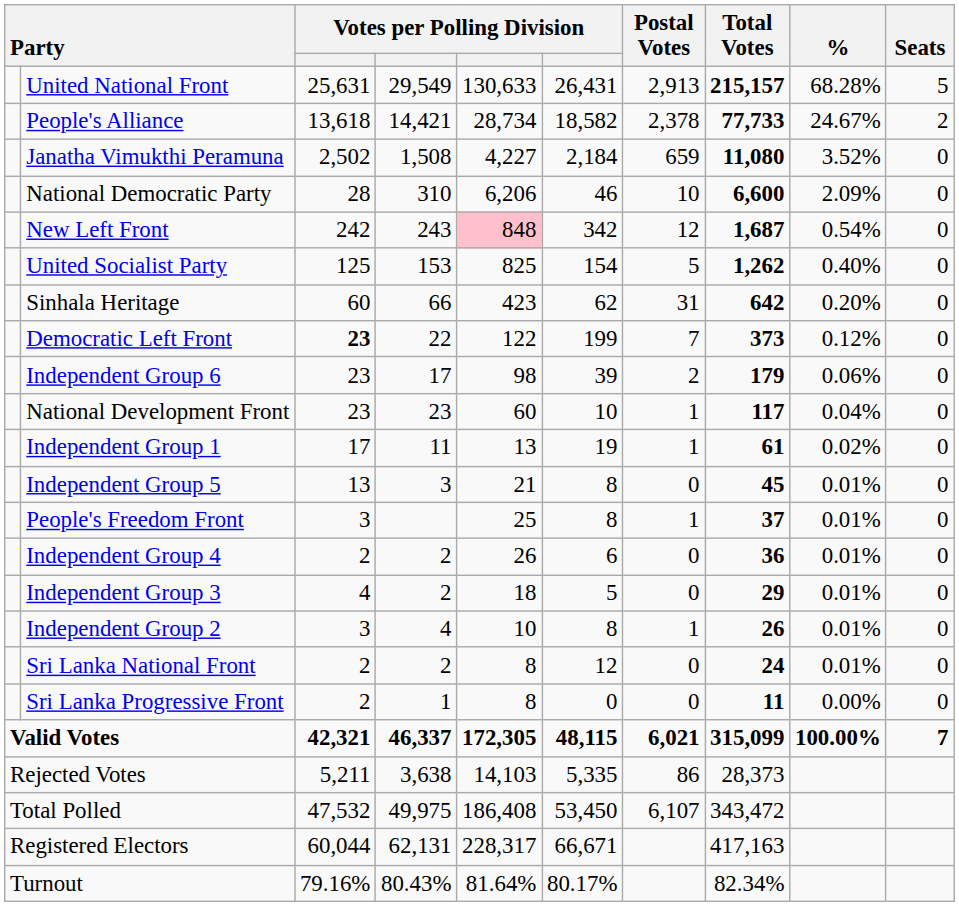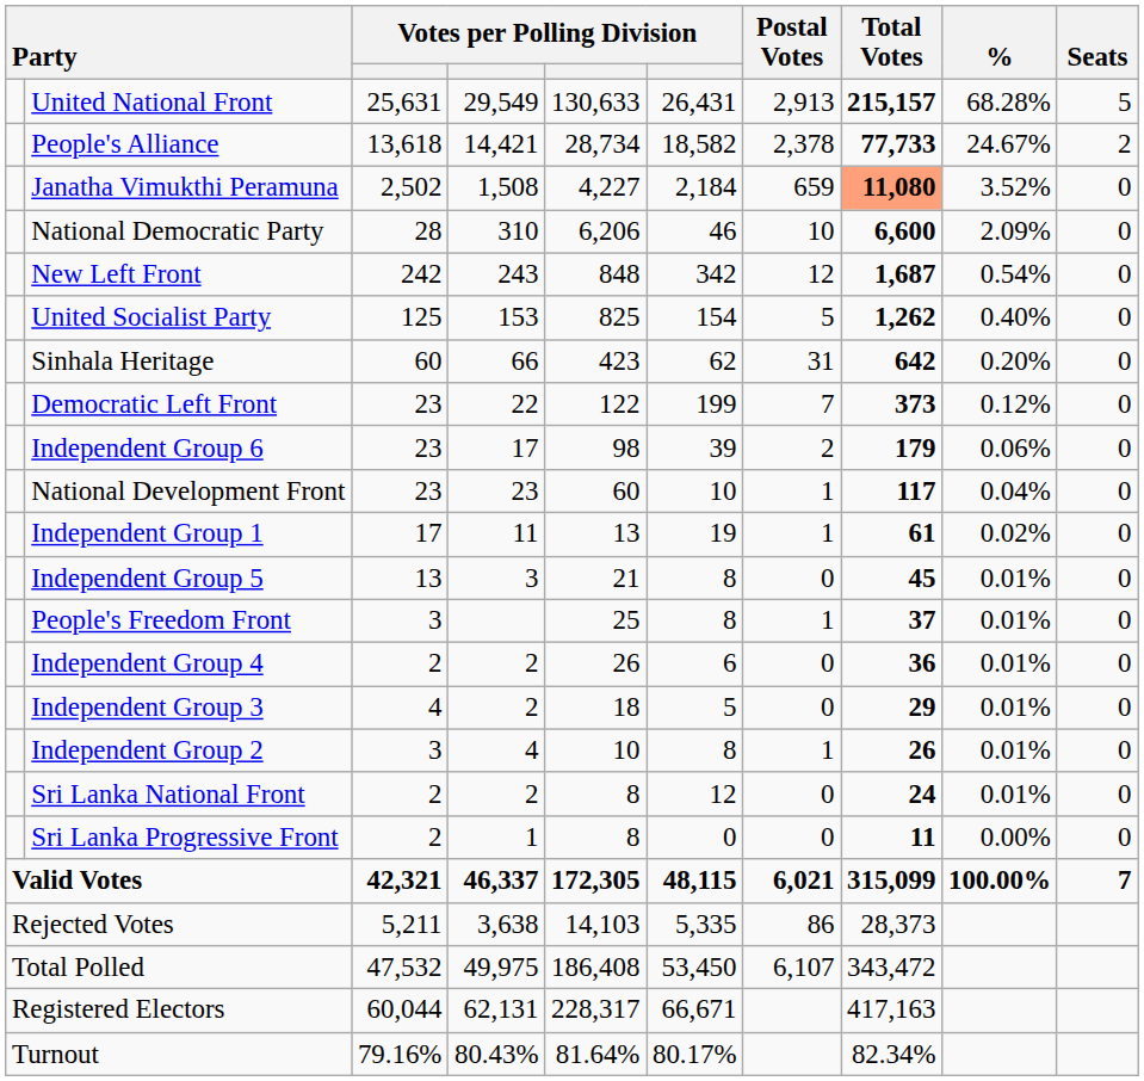 <table class="wikitable" border="1" style="text-align:right;">
 <tr>
 <th style="text-align:left; vertical-align:bottom;" rowspan="2" colspan="2">Party</th>
 <th colspan=4>Votes per Polling Division</th>
 <th rowspan="2" style="vertical-align:bottom; text-align:center; width:50px;">Postal<br>Votes</th>
 <th rowspan="2" style="vertical-align:bottom; text-align:center; width:50px;">Total Votes</th>
 <th rowspan="2" style="vertical-align:bottom; text-align:center; width:50px;">%</th>
 <th rowspan="2" style="vertical-align:bottom; text-align:center; width:40px;">Seats</th>
 </tr>
 <tr>
 <th></th>
 <th></th>
 <th></th>
 <th></th>
 </tr>
 <tr>
 <td bgcolor=> </td>
 <td align=left><a href='#'>United National Front</a></td>
 <td>25,631</td>
 <td>29,549</td>
 <td>130,633</td>
 <td>26,431</td>
 <td>2,913</td>
 <td><strong>215,157</strong></td>
 <td>68.28%</td>
 <td>5</td>
 </tr>
 <tr>
 <td bgcolor=> </td>
 <td align=left><a href='#'>People's Alliance</a></td>
 <td>13,618</td>
 <td>14,421</td>
 <td>28,734</td>
 <td>18,582</td>
 <td>2,378</td>
 <td><strong>77,733</strong></td>
 <td>24.67%</td>
 <td>2</td>
 </tr>
 <tr>
 <td bgcolor=> </td>
 <td align=left><a href='#'>Janatha Vimukthi Peramuna</a></td>
 <td>2,502</td>
 <td>1,508</td>
 <td>4,227</td>
 <td>2,184</td>
 <td>659</td>
-<td><strong>11,080</strong></td>
+<td style="background: lightsalmon;"><strong>11,080</strong></td>
 <td>3.52%</td>
 <td>0</td>
 </tr>
 <tr>
 <td bgcolor=> </td>
 <td align=left>National Democratic Party</td>
 <td>28</td>
 <td>310</td>
 <td>6,206</td>
 <td>46</td>
 <td>10</td>
 <td><strong>6,600</strong></td>
 <td>2.09%</td>
 <td>0</td>
 </tr>
 <tr>
 <td bgcolor=> </td>
 <td align=left><a href='#'>New Left Front</a></td>
 <td>242</td>
 <td>243</td>
-<td style="background: pink;">848</td>
+<td>848</td>
 <td>342</td>
 <td>12</td>
 <td><strong>1,687</strong></td>
 <td>0.54%</td>
 <td>0</td>
 </tr>
 <tr>
 <td bgcolor=> </td>
 <td align=left><a href='#'>United Socialist Party</a></td>
 <td>125</td>
 <td>153</td>
 <td>825</td>
 <td>154</td>
 <td>5</td>
 <td><strong>1,262</strong></td>
 <td>0.40%</td>
 <td>0</td>
 </tr>
 <tr>
 <td bgcolor=> </td>
 <td align=left>Sinhala Heritage</td>
 <td>60</td>
 <td>66</td>
 <td>423</td>
 <td>62</td>
 <td>31</td>
 <td><strong>642</strong></td>
 <td>0.20%</td>
 <td>0</td>
 </tr>
 <tr>
 <td bgcolor=> </td>
 <td align=left><a href='#'>Democratic Left Front</a></td>
-<td><strong>23</strong></td>
+<td>23</td>
 <td>22</td>
 <td>122</td>
 <td>199</td>
 <td>7</td>
 <td><strong>373</strong></td>
 <td>0.12%</td>
 <td>0</td>
 </tr>
 <tr>
 <td bgcolor=> </td>
 <td align=left><a href='#'>Independent Group 6</a></td>
 <td>23</td>
 <td>17</td>
 <td>98</td>
 <td>39</td>
 <td>2</td>
 <td><strong>179</strong></td>
 <td>0.06%</td>
 <td>0</td>
 </tr>
 <tr>
 <td bgcolor=> </td>
 <td align=left>National Development Front</td>
 <td>23</td>
 <td>23</td>
 <td>60</td>
 <td>10</td>
 <td>1</td>
 <td><strong>117</strong></td>
 <td>0.04%</td>
 <td>0</td>
 </tr>
 <tr>
 <td bgcolor=> </td>
 <td align=left><a href='#'>Independent Group 1</a></td>
 <td>17</td>
 <td>11</td>
 <td>13</td>
 <td>19</td>
 <td>1</td>
 <td><strong>61</strong></td>
 <td>0.02%</td>
 <td>0</td>
 </tr>
 <tr>
 <td bgcolor=> </td>
 <td align=left><a href='#'>Independent Group 5</a></td>
 <td>13</td>
 <td>3</td>
 <td>21</td>
 <td>8</td>
 <td>0</td>
 <td><strong>45</strong></td>
 <td>0.01%</td>
 <td>0</td>
 </tr>
 <tr>
 <td bgcolor=> </td>
 <td align=left><a href='#'>People's Freedom Front</a></td>
 <td>3</td>
 <td></td>
 <td>25</td>
 <td>8</td>
 <td>1</td>
 <td><strong>37</strong></td>
 <td>0.01%</td>
 <td>0</td>
 </tr>
 <tr>
 <td bgcolor=> </td>
 <td align=left><a href='#'>Independent Group 4</a></td>
 <td>2</td>
 <td>2</td>
 <td>26</td>
 <td>6</td>
 <td>0</td>
 <td><strong>36</strong></td>
 <td>0.01%</td>
 <td>0</td>
 </tr>
 <tr>
 <td bgcolor=> </td>
 <td align=left><a href='#'>Independent Group 3</a></td>
 <td>4</td>
 <td>2</td>
 <td>18</td>
 <td>5</td>
 <td>0</td>
 <td><strong>29</strong></td>
 <td>0.01%</td>
 <td>0</td>
 </tr>
 <tr>
 <td bgcolor=> </td>
 <td align=left><a href='#'>Independent Group 2</a></td>
 <td>3</td>
 <td>4</td>
 <td>10</td>
 <td>8</td>
 <td>1</td>
 <td><strong>26</strong></td>
 <td>0.01%</td>
 <td>0</td>
 </tr>
 <tr>
 <td bgcolor=> </td>
 <td align=left><a href='#'>Sri Lanka National Front</a></td>
 <td>2</td>
 <td>2</td>
 <td>8</td>
 <td>12</td>
 <td>0</td>
 <td><strong>24</strong></td>
 <td>0.01%</td>
 <td>0</td>
 </tr>
 <tr>
 <td bgcolor=> </td>
 <td align=left><a href='#'>Sri Lanka Progressive Front</a></td>
 <td>2</td>
 <td>1</td>
 <td>8</td>
 <td>0</td>
 <td>0</td>
 <td><strong>11</strong></td>
 <td>0.00%</td>
 <td>0</td>
 </tr>
 <tr>
 <td align=left colspan="2"><strong>Valid Votes</strong></td>
 <td><strong>42,321</strong></td>
 <td><strong>46,337</strong></td>
 <td><strong>172,305</strong></td>
 <td><strong>48,115</strong></td>
 <td><strong>6,021</strong></td>
 <td><strong>315,099</strong></td>
 <td><strong>100.00%</strong></td>
 <td><strong>7</strong></td>
 </tr>
 <tr>
 <td align=left colspan="2">Rejected Votes</td>
 <td>5,211</td>
 <td>3,638</td>
 <td>14,103</td>
 <td>5,335</td>
 <td>86</td>
 <td>28,373</td>
 <td></td>
 <td></td>
 </tr>
 <tr>
 <td align=left colspan="2">Total Polled</td>
 <td>47,532</td>
 <td>49,975</td>
 <td>186,408</td>
 <td>53,450</td>
 <td>6,107</td>
 <td>343,472</td>
 <td></td>
 <td></td>
 </tr>
 <tr>
 <td align=left colspan="2">Registered Electors</td>
 <td>60,044</td>
 <td>62,131</td>
 <td>228,317</td>
 <td>66,671</td>
 <td></td>
 <td>417,163</td>
 <td></td>
 <td></td>
 </tr>
 <tr>
 <td align=left colspan="2">Turnout</td>
 <td>79.16%</td>
 <td>80.43%</td>
 <td>81.64%</td>
 <td>80.17%</td>
 <td></td>
 <td>82.34%</td>
 <td></td>
 <td></td>
 </tr>
 </table>
